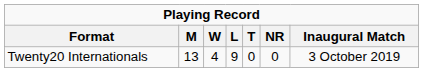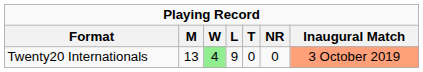 <table class="wikitable" style="text-align: center; width: 500px;">
 <tr>
 <td colspan=7 align="center"><strong>Playing Record</strong></td>
 </tr>
 <tr>
 <th>Format</th>
 <th>M</th>
 <th>W</th>
 <th>L</th>
 <th>T</th>
 <th>NR</th>
 <th>Inaugural Match</th>
 </tr>
 <tr>
 <td align="left">Twenty20 Internationals</td>
 <td>13</td>
-<td>4</td>
+<td style="background: lightgreen;">4</td>
 <td>9</td>
 <td>0</td>
 <td>0</td>
-<td>3 October 2019</td>
+<td style="background: lightsalmon;">3 October 2019</td>
 </tr>
 </table>
